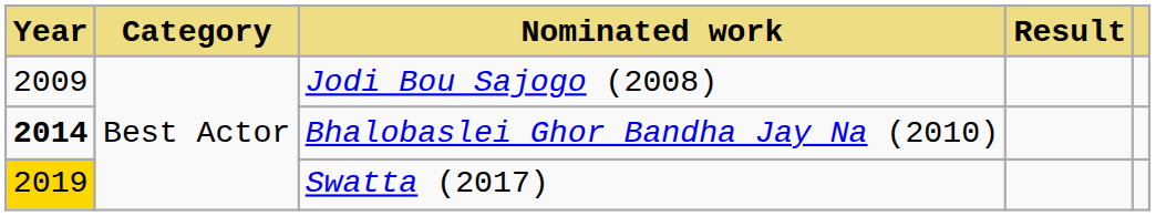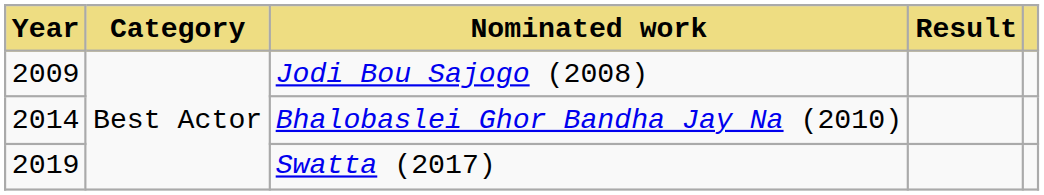 <table class="wikitable" style="width=80%;">
 <tr>
 <th style="background:#EEDD82;">Year</th>
 <th style="background:#EEDD82;">Category</th>
 <th style="background:#EEDD82;">Nominated work</th>
 <th style="background:#EEDD82;">Result</th>
 <th style="background:#EEDD82;"></th>
 </tr>
 <tr>
 <td>2009</td>
 <td rowspan="3">Best Actor</td>
 <td><em><a href='#'>Jodi Bou Sajogo</a></em> (2008)</td>
 <td></td>
 <td></td>
 </tr>
 <tr>
-<td><strong>2014</strong></td>
+<td>2014</td>
 <td><em><a href='#'>Bhalobaslei Ghor Bandha Jay Na</a></em> (2010)</td>
 <td></td>
 <td></td>
 </tr>
 <tr>
-<td style="background: gold;">2019</td>
+<td>2019</td>
 <td><em><a href='#'>Swatta</a></em> (2017)</td>
 <td></td>
 <td></td>
 </tr>
 </table>
